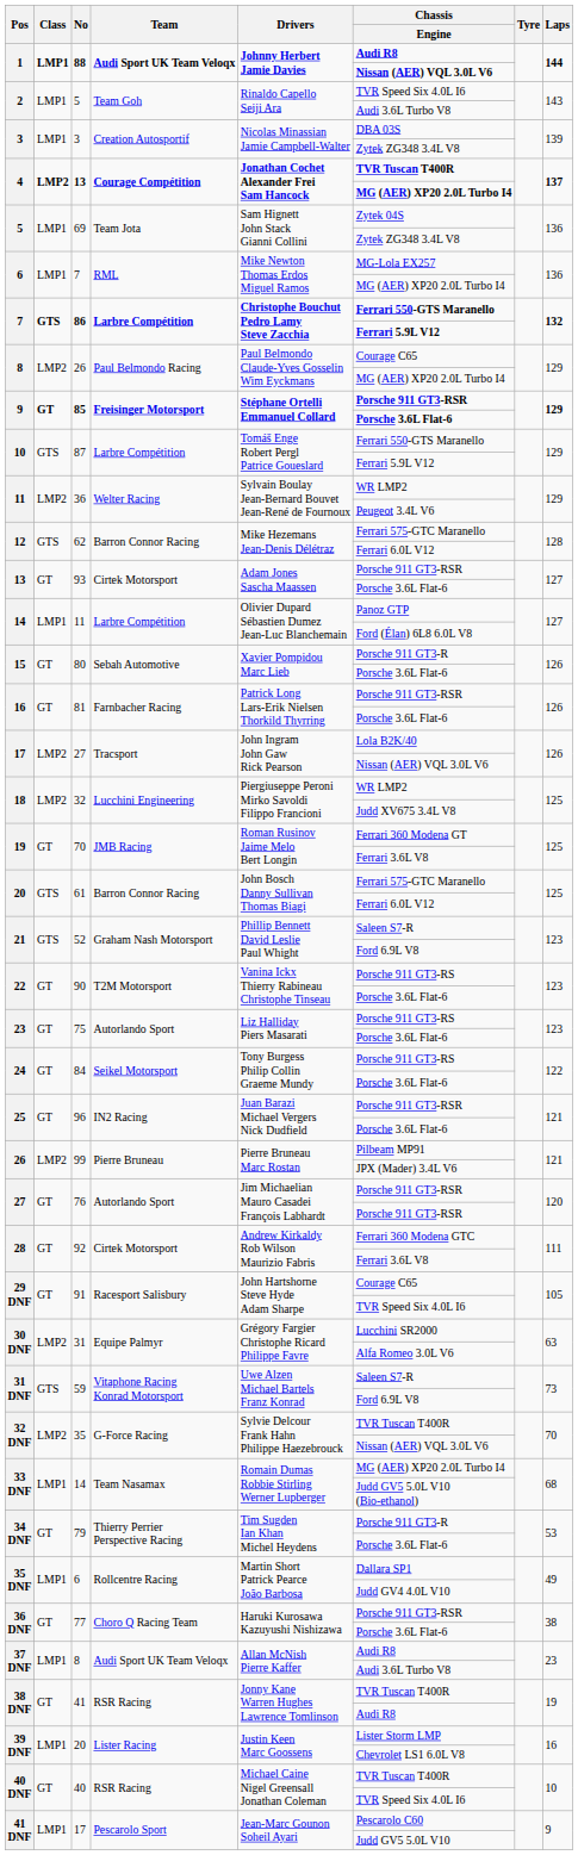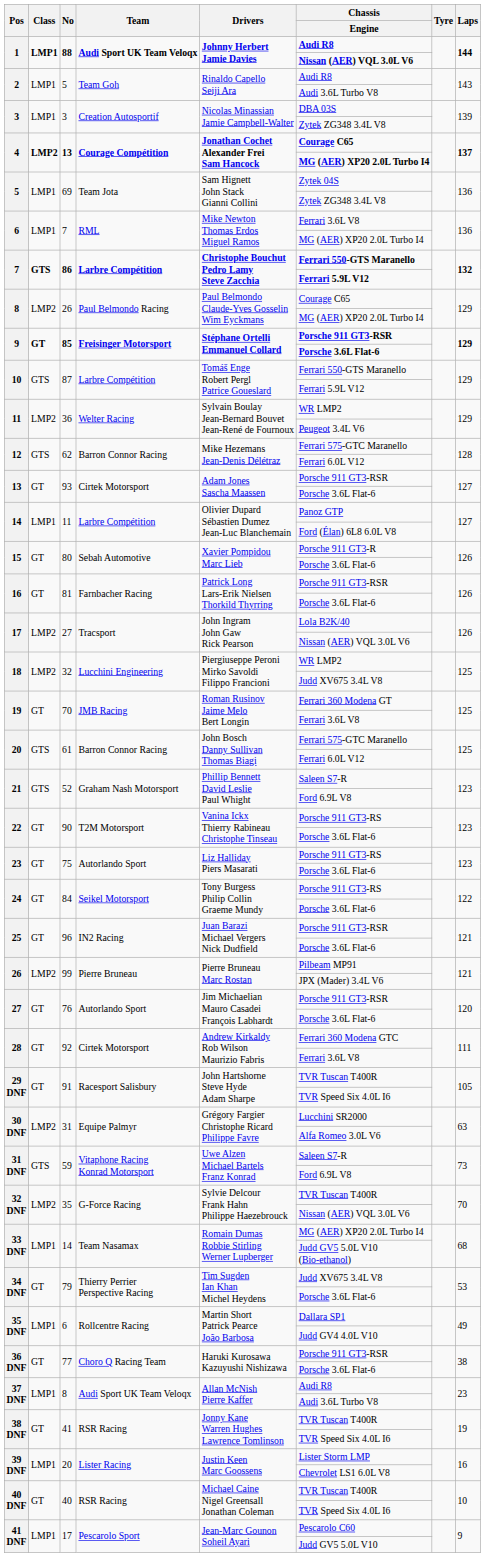 <table class="wikitable" style="font-size: 95%;">
 <tr>
 <th rowspan=2>Pos</th>
 <th rowspan=2>Class</th>
 <th rowspan=2>No</th>
 <th rowspan=2>Team</th>
 <th rowspan=2>Drivers</th>
 <th>Chassis</th>
 <th rowspan=2>Tyre</th>
 <th rowspan=2>Laps</th>
 </tr>
 <tr>
 <th>Engine</th>
 </tr>
 <tr style="font-weight:bold">
 <th rowspan=2>1</th>
 <td rowspan=2>LMP1</td>
 <td rowspan=2>88</td>
 <td rowspan=2> <a href='#'>Audi</a> Sport UK Team Veloqx</td>
 <td rowspan=2> <a href='#'>Johnny Herbert</a><br> <a href='#'>Jamie Davies</a></td>
 <td><a href='#'>Audi R8</a></td>
 <td rowspan=2></td>
 <td rowspan=2>144</td>
 </tr>
 <tr style="font-weight:bold">
 <td><a href='#'>Nissan</a> (<a href='#'>AER</a>) VQL 3.0L V6</td>
 </tr>
 <tr>
 <th rowspan=2>2</th>
 <td rowspan=2>LMP1</td>
 <td rowspan=2>5</td>
 <td rowspan=2> <a href='#'>Team Goh</a></td>
 <td rowspan=2> <a href='#'>Rinaldo Capello</a><br> <a href='#'>Seiji Ara</a></td>
-<td><a href='#'>TVR</a> Speed Six 4.0L I6</td>
+<td><a href='#'>Audi R8</a></td>
 <td rowspan=2></td>
 <td rowspan=2>143</td>
 </tr>
 <tr>
 <td><a href='#'>Audi</a> 3.6L Turbo V8</td>
 </tr>
 <tr>
 <th rowspan=2>3</th>
 <td rowspan=2>LMP1</td>
 <td rowspan=2>3</td>
 <td rowspan=2> <a href='#'>Creation Autosportif</a></td>
 <td rowspan=2> <a href='#'>Nicolas Minassian</a><br> <a href='#'>Jamie Campbell-Walter</a></td>
 <td><a href='#'>DBA 03S</a></td>
 <td rowspan=2></td>
 <td rowspan=2>139</td>
 </tr>
 <tr>
 <td><a href='#'>Zytek</a> ZG348 3.4L V8</td>
 </tr>
 <tr style="font-weight:bold">
 <th rowspan=2>4</th>
 <td rowspan=2>LMP2</td>
 <td rowspan=2>13</td>
 <td rowspan=2> <a href='#'>Courage Compétition</a></td>
 <td rowspan=2> <a href='#'>Jonathan Cochet</a><br> Alexander Frei<br> <a href='#'>Sam Hancock</a></td>
-<td><a href='#'>TVR Tuscan</a> T400R</td>
+<td><a href='#'>Courage</a> C65</td>
 <td rowspan=2></td>
 <td rowspan=2>137</td>
 </tr>
 <tr style="font-weight:bold">
 <td><a href='#'>MG</a> (<a href='#'>AER</a>) XP20 2.0L Turbo I4</td>
 </tr>
 <tr>
 <th rowspan=2>5</th>
 <td rowspan=2>LMP1</td>
 <td rowspan=2>69</td>
 <td rowspan=2> Team Jota</td>
 <td rowspan=2> Sam Hignett<br> John Stack<br> Gianni Collini</td>
 <td><a href='#'>Zytek 04S</a></td>
 <td rowspan=2></td>
 <td rowspan=2>136</td>
 </tr>
 <tr>
 <td><a href='#'>Zytek</a> ZG348 3.4L V8</td>
 </tr>
 <tr>
 <th rowspan=2>6</th>
 <td rowspan=2>LMP1</td>
 <td rowspan=2>7</td>
 <td rowspan=2> <a href='#'>RML</a></td>
 <td rowspan=2> <a href='#'>Mike Newton</a><br> <a href='#'>Thomas Erdos</a><br> <a href='#'>Miguel Ramos</a></td>
-<td><a href='#'>MG-Lola EX257</a></td>
+<td><a href='#'>Ferrari</a> 3.6L V8</td>
 <td rowspan=2></td>
 <td rowspan=2>136</td>
 </tr>
 <tr>
 <td><a href='#'>MG</a> (<a href='#'>AER</a>) XP20 2.0L Turbo I4</td>
 </tr>
 <tr style="font-weight:bold">
 <th rowspan=2>7</th>
 <td rowspan=2>GTS</td>
 <td rowspan=2>86</td>
 <td rowspan=2> <a href='#'>Larbre Compétition</a></td>
 <td rowspan=2> <a href='#'>Christophe Bouchut</a><br> <a href='#'>Pedro Lamy</a><br> <a href='#'>Steve Zacchia</a></td>
 <td><a href='#'>Ferrari 550</a>-GTS Maranello</td>
 <td rowspan=2></td>
 <td rowspan=2>132</td>
 </tr>
 <tr style="font-weight:bold">
 <td><a href='#'>Ferrari</a> 5.9L V12</td>
 </tr>
 <tr>
 <th rowspan=2>8</th>
 <td rowspan=2>LMP2</td>
 <td rowspan=2>26</td>
 <td rowspan=2> <a href='#'>Paul Belmondo</a> Racing</td>
 <td rowspan=2> <a href='#'>Paul Belmondo</a><br> <a href='#'>Claude-Yves Gosselin</a><br> <a href='#'>Wim Eyckmans</a></td>
 <td><a href='#'>Courage</a> C65</td>
 <td rowspan=2></td>
 <td rowspan=2>129</td>
 </tr>
 <tr>
 <td><a href='#'>MG</a> (<a href='#'>AER</a>) XP20 2.0L Turbo I4</td>
 </tr>
 <tr style="font-weight:bold">
 <th rowspan=2>9</th>
 <td rowspan=2>GT</td>
 <td rowspan=2>85</td>
 <td rowspan=2> <a href='#'>Freisinger Motorsport</a></td>
 <td rowspan=2> <a href='#'>Stéphane Ortelli</a><br> <a href='#'>Emmanuel Collard</a></td>
 <td><a href='#'>Porsche 911 GT3</a>-RSR</td>
 <td rowspan=2></td>
 <td rowspan=2>129</td>
 </tr>
 <tr style="font-weight:bold">
 <td><a href='#'>Porsche</a> 3.6L Flat-6</td>
 </tr>
 <tr>
 <th rowspan=2>10</th>
 <td rowspan=2>GTS</td>
 <td rowspan=2>87</td>
 <td rowspan=2> <a href='#'>Larbre Compétition</a></td>
 <td rowspan=2> <a href='#'>Tomáš Enge</a><br> Robert Pergl<br> <a href='#'>Patrice Goueslard</a></td>
 <td><a href='#'>Ferrari 550</a>-GTS Maranello</td>
 <td rowspan=2></td>
 <td rowspan=2>129</td>
 </tr>
 <tr>
 <td><a href='#'>Ferrari</a> 5.9L V12</td>
 </tr>
 <tr>
 <th rowspan=2>11</th>
 <td rowspan=2>LMP2</td>
 <td rowspan=2>36</td>
 <td rowspan=2> <a href='#'>Welter Racing</a></td>
 <td rowspan=2> Sylvain Boulay<br> Jean-Bernard Bouvet<br> Jean-René de Fournoux</td>
 <td><a href='#'>WR</a> LMP2</td>
 <td rowspan=2></td>
 <td rowspan=2>129</td>
 </tr>
 <tr>
 <td><a href='#'>Peugeot</a> 3.4L V6</td>
 </tr>
 <tr>
 <th rowspan=2>12</th>
 <td rowspan=2>GTS</td>
 <td rowspan=2>62</td>
 <td rowspan=2> Barron Connor Racing</td>
 <td rowspan=2> Mike Hezemans<br> <a href='#'>Jean-Denis Délétraz</a></td>
 <td><a href='#'>Ferrari 575</a>-GTC Maranello</td>
 <td rowspan=2></td>
 <td rowspan=2>128</td>
 </tr>
 <tr>
 <td><a href='#'>Ferrari</a> 6.0L V12</td>
 </tr>
 <tr>
 <th rowspan=2>13</th>
 <td rowspan=2>GT</td>
 <td rowspan=2>93</td>
 <td rowspan=2> Cirtek Motorsport</td>
 <td rowspan=2> <a href='#'>Adam Jones</a><br> <a href='#'>Sascha Maassen</a></td>
 <td><a href='#'>Porsche 911 GT3</a>-RSR</td>
 <td rowspan=2></td>
 <td rowspan=2>127</td>
 </tr>
 <tr>
 <td><a href='#'>Porsche</a> 3.6L Flat-6</td>
 </tr>
 <tr>
 <th rowspan=2>14</th>
 <td rowspan=2>LMP1</td>
 <td rowspan=2>11</td>
 <td rowspan=2> <a href='#'>Larbre Compétition</a></td>
 <td rowspan=2> Olivier Dupard<br> Sébastien Dumez<br> Jean-Luc Blanchemain</td>
 <td><a href='#'>Panoz GTP</a></td>
 <td rowspan=2></td>
 <td rowspan=2>127</td>
 </tr>
 <tr>
 <td><a href='#'>Ford</a> (<a href='#'>Élan</a>) 6L8 6.0L V8</td>
 </tr>
 <tr>
 <th rowspan=2>15</th>
 <td rowspan=2>GT</td>
 <td rowspan=2>80</td>
 <td rowspan=2> Sebah Automotive</td>
 <td rowspan=2> <a href='#'>Xavier Pompidou</a><br> <a href='#'>Marc Lieb</a></td>
 <td><a href='#'>Porsche 911 GT3</a>-R</td>
 <td rowspan=2></td>
 <td rowspan=2>126</td>
 </tr>
 <tr>
 <td><a href='#'>Porsche</a> 3.6L Flat-6</td>
 </tr>
 <tr>
 <th rowspan=2>16</th>
 <td rowspan=2>GT</td>
 <td rowspan=2>81</td>
 <td rowspan=2> Farnbacher Racing</td>
 <td rowspan=2> <a href='#'>Patrick Long</a><br> Lars-Erik Nielsen<br> <a href='#'>Thorkild Thyrring</a></td>
 <td><a href='#'>Porsche 911 GT3</a>-RSR</td>
 <td rowspan=2></td>
 <td rowspan=2>126</td>
 </tr>
 <tr>
 <td><a href='#'>Porsche</a> 3.6L Flat-6</td>
 </tr>
 <tr>
 <th rowspan=2>17</th>
 <td rowspan=2>LMP2</td>
 <td rowspan=2>27</td>
 <td rowspan=2> Tracsport</td>
 <td rowspan=2> John Ingram<br> John Gaw<br> Rick Pearson</td>
 <td><a href='#'>Lola B2K/40</a></td>
 <td rowspan=2></td>
 <td rowspan=2>126</td>
 </tr>
 <tr>
 <td><a href='#'>Nissan</a> (<a href='#'>AER</a>) VQL 3.0L V6</td>
 </tr>
 <tr>
 <th rowspan=2>18</th>
 <td rowspan=2>LMP2</td>
 <td rowspan=2>32</td>
 <td rowspan=2> <a href='#'>Lucchini Engineering</a></td>
 <td rowspan=2> Piergiuseppe Peroni<br> Mirko Savoldi<br> Filippo Francioni</td>
 <td><a href='#'>WR</a> LMP2</td>
 <td rowspan=2></td>
 <td rowspan=2>125</td>
 </tr>
 <tr>
 <td><a href='#'>Judd</a> XV675 3.4L V8</td>
 </tr>
 <tr>
 <th rowspan=2>19</th>
 <td rowspan=2>GT</td>
 <td rowspan=2>70</td>
 <td rowspan=2> <a href='#'>JMB Racing</a></td>
 <td rowspan=2> <a href='#'>Roman Rusinov</a><br> <a href='#'>Jaime Melo</a><br> Bert Longin</td>
 <td><a href='#'>Ferrari 360 Modena</a> GT</td>
 <td rowspan=2></td>
 <td rowspan=2>125</td>
 </tr>
 <tr>
 <td><a href='#'>Ferrari</a> 3.6L V8</td>
 </tr>
 <tr>
 <th rowspan=2>20</th>
 <td rowspan=2>GTS</td>
 <td rowspan=2>61</td>
 <td rowspan=2> Barron Connor Racing</td>
 <td rowspan=2> John Bosch<br> <a href='#'>Danny Sullivan</a><br> <a href='#'>Thomas Biagi</a></td>
 <td><a href='#'>Ferrari 575</a>-GTC Maranello</td>
 <td rowspan=2></td>
 <td rowspan=2>125</td>
 </tr>
 <tr>
 <td><a href='#'>Ferrari</a> 6.0L V12</td>
 </tr>
 <tr>
 <th rowspan=2>21</th>
 <td rowspan=2>GTS</td>
 <td rowspan=2>52</td>
 <td rowspan=2> Graham Nash Motorsport</td>
 <td rowspan=2> <a href='#'>Phillip Bennett</a><br> <a href='#'>David Leslie</a><br> Paul Whight</td>
 <td><a href='#'>Saleen S7</a>-R</td>
 <td rowspan=2></td>
 <td rowspan=2>123</td>
 </tr>
 <tr>
 <td><a href='#'>Ford</a> 6.9L V8</td>
 </tr>
 <tr>
 <th rowspan=2>22</th>
 <td rowspan=2>GT</td>
 <td rowspan=2>90</td>
 <td rowspan=2> T2M Motorsport</td>
 <td rowspan=2> <a href='#'>Vanina Ickx</a><br> Thierry Rabineau<br> <a href='#'>Christophe Tinseau</a></td>
 <td><a href='#'>Porsche 911 GT3</a>-RS</td>
 <td rowspan=2></td>
 <td rowspan=2>123</td>
 </tr>
 <tr>
 <td><a href='#'>Porsche</a> 3.6L Flat-6</td>
 </tr>
 <tr>
 <th rowspan=2>23</th>
 <td rowspan=2>GT</td>
 <td rowspan=2>75</td>
 <td rowspan=2> Autorlando Sport</td>
 <td rowspan=2> <a href='#'>Liz Halliday</a><br> Piers Masarati</td>
 <td><a href='#'>Porsche 911 GT3</a>-RS</td>
 <td rowspan=2></td>
 <td rowspan=2>123</td>
 </tr>
 <tr>
 <td><a href='#'>Porsche</a> 3.6L Flat-6</td>
 </tr>
 <tr>
 <th rowspan=2>24</th>
 <td rowspan=2>GT</td>
 <td rowspan=2>84</td>
 <td rowspan=2> <a href='#'>Seikel Motorsport</a></td>
 <td rowspan=2> Tony Burgess<br> Philip Collin<br> Graeme Mundy</td>
 <td><a href='#'>Porsche 911 GT3</a>-RS</td>
 <td rowspan=2></td>
 <td rowspan=2>122</td>
 </tr>
 <tr>
 <td><a href='#'>Porsche</a> 3.6L Flat-6</td>
 </tr>
 <tr>
 <th rowspan=2>25</th>
 <td rowspan=2>GT</td>
 <td rowspan=2>96</td>
 <td rowspan=2> IN2 Racing</td>
 <td rowspan=2> <a href='#'>Juan Barazi</a><br> Michael Vergers<br> Nick Dudfield</td>
 <td><a href='#'>Porsche 911 GT3</a>-RSR</td>
 <td rowspan=2></td>
 <td rowspan=2>121</td>
 </tr>
 <tr>
 <td><a href='#'>Porsche</a> 3.6L Flat-6</td>
 </tr>
 <tr>
 <th rowspan=2>26</th>
 <td rowspan=2>LMP2</td>
 <td rowspan=2>99</td>
 <td rowspan=2> Pierre Bruneau</td>
 <td rowspan=2> Pierre Bruneau<br> <a href='#'>Marc Rostan</a></td>
 <td><a href='#'>Pilbeam</a> MP91</td>
 <td rowspan=2></td>
 <td rowspan=2>121</td>
 </tr>
 <tr>
 <td>JPX (Mader) 3.4L V6</td>
 </tr>
 <tr>
 <th rowspan=2>27</th>
 <td rowspan=2>GT</td>
 <td rowspan=2>76</td>
 <td rowspan=2> Autorlando Sport</td>
 <td rowspan=2> Jim Michaelian<br> Mauro Casadei<br> François Labhardt</td>
 <td><a href='#'>Porsche 911 GT3</a>-RSR</td>
 <td rowspan=2></td>
 <td rowspan=2>120</td>
 </tr>
 <tr>
-<td><a href='#'>Porsche 911 GT3</a>-RSR</td>
+<td><a href='#'>Porsche</a> 3.6L Flat-6</td>
 </tr>
 <tr>
 <th rowspan=2>28</th>
 <td rowspan=2>GT</td>
 <td rowspan=2>92</td>
 <td rowspan=2> Cirtek Motorsport</td>
 <td rowspan=2> <a href='#'>Andrew Kirkaldy</a><br> Rob Wilson<br> Maurizio Fabris</td>
 <td><a href='#'>Ferrari 360 Modena</a> GTC</td>
 <td rowspan=2></td>
 <td rowspan=2>111</td>
 </tr>
 <tr>
 <td><a href='#'>Ferrari</a> 3.6L V8</td>
 </tr>
 <tr>
 <th rowspan=2>29<br>DNF</th>
 <td rowspan=2>GT</td>
 <td rowspan=2>91</td>
 <td rowspan=2> Racesport Salisbury</td>
 <td rowspan=2> John Hartshorne<br> Steve Hyde<br> Adam Sharpe</td>
-<td><a href='#'>Courage</a> C65</td>
+<td><a href='#'>TVR Tuscan</a> T400R</td>
 <td rowspan=2></td>
 <td rowspan=2>105</td>
 </tr>
 <tr>
 <td><a href='#'>TVR</a> Speed Six 4.0L I6</td>
 </tr>
 <tr>
 <th rowspan=2>30<br>DNF</th>
 <td rowspan=2>LMP2</td>
 <td rowspan=2>31</td>
 <td rowspan=2> Equipe Palmyr</td>
 <td rowspan=2> Grégory Fargier<br> Christophe Ricard<br> <a href='#'>Philippe Favre</a></td>
 <td><a href='#'>Lucchini</a> SR2000</td>
 <td rowspan=2></td>
 <td rowspan=2>63</td>
 </tr>
 <tr>
 <td><a href='#'>Alfa Romeo</a> 3.0L V6</td>
 </tr>
 <tr>
 <th rowspan=2>31<br>DNF</th>
 <td rowspan=2>GTS</td>
 <td rowspan=2>59</td>
 <td rowspan=2> <a href='#'>Vitaphone Racing</a><br> <a href='#'>Konrad Motorsport</a></td>
 <td rowspan=2> <a href='#'>Uwe Alzen</a><br> <a href='#'>Michael Bartels</a><br> <a href='#'>Franz Konrad</a></td>
 <td><a href='#'>Saleen S7</a>-R</td>
 <td rowspan=2></td>
 <td rowspan=2>73</td>
 </tr>
 <tr>
 <td><a href='#'>Ford</a> 6.9L V8</td>
 </tr>
 <tr>
 <th rowspan=2>32<br>DNF</th>
 <td rowspan=2>LMP2</td>
 <td rowspan=2>35</td>
 <td rowspan=2> G-Force Racing</td>
 <td rowspan=2> Sylvie Delcour<br> Frank Hahn<br> Philippe Haezebrouck</td>
 <td><a href='#'>TVR Tuscan</a> T400R</td>
 <td rowspan=2></td>
 <td rowspan=2>70</td>
 </tr>
 <tr>
 <td><a href='#'>Nissan</a> (<a href='#'>AER</a>) VQL 3.0L V6</td>
 </tr>
 <tr>
 <th rowspan=2>33<br>DNF</th>
 <td rowspan=2>LMP1</td>
 <td rowspan=2>14</td>
 <td rowspan=2> Team Nasamax</td>
 <td rowspan=2> <a href='#'>Romain Dumas</a><br> <a href='#'>Robbie Stirling</a><br> <a href='#'>Werner Lupberger</a></td>
 <td><a href='#'>MG</a> (<a href='#'>AER</a>) XP20 2.0L Turbo I4</td>
 <td rowspan=2></td>
 <td rowspan=2>68</td>
 </tr>
 <tr>
 <td><a href='#'>Judd GV5</a> 5.0L V10<br>(<a href='#'>Bio-ethanol</a>)</td>
 </tr>
 <tr>
 <th rowspan=2>34<br>DNF</th>
 <td rowspan=2>GT</td>
 <td rowspan=2>79</td>
 <td rowspan=2> Thierry Perrier<br> Perspective Racing</td>
 <td rowspan=2> <a href='#'>Tim Sugden</a><br> <a href='#'>Ian Khan</a><br> Michel Heydens</td>
-<td><a href='#'>Porsche 911 GT3</a>-R</td>
+<td><a href='#'>Judd</a> XV675 3.4L V8</td>
 <td rowspan=2></td>
 <td rowspan=2>53</td>
 </tr>
 <tr>
 <td><a href='#'>Porsche</a> 3.6L Flat-6</td>
 </tr>
 <tr>
 <th rowspan=2>35<br>DNF</th>
 <td rowspan=2>LMP1</td>
 <td rowspan=2>6</td>
 <td rowspan=2> Rollcentre Racing</td>
 <td rowspan=2> Martin Short<br> Patrick Pearce<br> <a href='#'>João Barbosa</a></td>
 <td><a href='#'>Dallara SP1</a></td>
 <td rowspan=2></td>
 <td rowspan=2>49</td>
 </tr>
 <tr>
 <td><a href='#'>Judd</a> GV4 4.0L V10</td>
 </tr>
 <tr>
 <th rowspan=2>36<br>DNF</th>
 <td rowspan=2>GT</td>
 <td rowspan=2>77</td>
 <td rowspan=2> <a href='#'>Choro Q</a> Racing Team</td>
 <td rowspan=2> Haruki Kurosawa<br> Kazuyushi Nishizawa</td>
 <td><a href='#'>Porsche 911 GT3</a>-RSR</td>
 <td rowspan=2></td>
 <td rowspan=2>38</td>
 </tr>
 <tr>
 <td><a href='#'>Porsche</a> 3.6L Flat-6</td>
 </tr>
 <tr>
 <th rowspan=2>37<br>DNF</th>
 <td rowspan=2>LMP1</td>
 <td rowspan=2>8</td>
 <td rowspan=2> <a href='#'>Audi</a> Sport UK Team Veloqx</td>
 <td rowspan=2> <a href='#'>Allan McNish</a><br> <a href='#'>Pierre Kaffer</a></td>
 <td><a href='#'>Audi R8</a></td>
 <td rowspan=2></td>
 <td rowspan=2>23</td>
 </tr>
 <tr>
 <td><a href='#'>Audi</a> 3.6L Turbo V8</td>
 </tr>
 <tr>
 <th rowspan=2>38<br>DNF</th>
 <td rowspan=2>GT</td>
 <td rowspan=2>41</td>
 <td rowspan=2> RSR Racing</td>
 <td rowspan=2> <a href='#'>Jonny Kane</a><br> <a href='#'>Warren Hughes</a><br> <a href='#'>Lawrence Tomlinson</a></td>
 <td><a href='#'>TVR Tuscan</a> T400R</td>
 <td rowspan=2></td>
 <td rowspan=2>19</td>
 </tr>
 <tr>
-<td><a href='#'>Audi R8</a></td>
+<td><a href='#'>TVR</a> Speed Six 4.0L I6</td>
 </tr>
 <tr>
 <th rowspan=2>39<br>DNF</th>
 <td rowspan=2>LMP1</td>
 <td rowspan=2>20</td>
 <td rowspan=2> <a href='#'>Lister Racing</a></td>
 <td rowspan=2> <a href='#'>Justin Keen</a><br> <a href='#'>Marc Goossens</a></td>
 <td><a href='#'>Lister Storm LMP</a></td>
 <td rowspan=2></td>
 <td rowspan=2>16</td>
 </tr>
 <tr>
 <td><a href='#'>Chevrolet</a> LS1 6.0L V8</td>
 </tr>
 <tr>
 <th rowspan=2>40<br>DNF</th>
 <td rowspan=2>GT</td>
 <td rowspan=2>40</td>
 <td rowspan=2> RSR Racing</td>
 <td rowspan=2> <a href='#'>Michael Caine</a><br> Nigel Greensall<br> Jonathan Coleman</td>
 <td><a href='#'>TVR Tuscan</a> T400R</td>
 <td rowspan=2></td>
 <td rowspan=2>10</td>
 </tr>
 <tr>
 <td><a href='#'>TVR</a> Speed Six 4.0L I6</td>
 </tr>
 <tr>
 <th rowspan=2>41<br>DNF</th>
 <td rowspan=2>LMP1</td>
 <td rowspan=2>17</td>
 <td rowspan=2> <a href='#'>Pescarolo Sport</a></td>
 <td rowspan=2> <a href='#'>Jean-Marc Gounon</a><br> <a href='#'>Soheil Ayari</a></td>
 <td><a href='#'>Pescarolo C60</a></td>
 <td rowspan=2></td>
 <td rowspan=2>9</td>
 </tr>
 <tr>
 <td><a href='#'>Judd</a> GV5 5.0L V10</td>
 </tr>
 </table>
